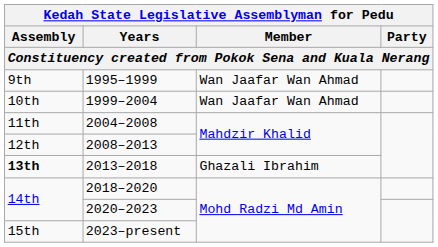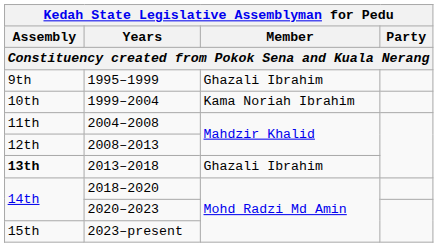 <table class="wikitable">
 <tr>
 <th colspan="4"><a href='#'>Kedah State Legislative Assemblyman</a> for Pedu</th>
 </tr>
 <tr>
 <th>Assembly</th>
 <th>Years</th>
 <th>Member</th>
 <th>Party</th>
 </tr>
 <tr>
 <th colspan="4" align="center"><em>Constituency created from Pokok Sena and Kuala Nerang</em></th>
 </tr>
 <tr>
 <td>9th</td>
 <td>1995–1999</td>
-<td>Wan Jaafar Wan Ahmad</td>
+<td>Ghazali Ibrahim</td>
 <td></td>
 </tr>
 <tr>
 <td>10th</td>
 <td>1999–2004</td>
-<td>Wan Jaafar Wan Ahmad</td>
+<td>Kama Noriah Ibrahim</td>
 <td></td>
 </tr>
 <tr>
 <td>11th</td>
 <td>2004–2008</td>
 <td rowspan="2"><a href='#'>Mahdzir Khalid</a></td>
 <td rowspan="3"></td>
 </tr>
 <tr>
 <td>12th</td>
 <td>2008–2013</td>
 </tr>
 <tr>
 <td><strong>13th</strong></td>
 <td>2013–2018</td>
 <td>Ghazali Ibrahim</td>
 </tr>
 <tr>
 <td rowspan="2"><a href='#'>14th</a></td>
 <td>2018–2020</td>
 <td rowspan="3"><a href='#'>Mohd Radzi Md Amin</a></td>
 <td></td>
 </tr>
 <tr>
 <td>2020–2023</td>
 <td rowspan="2" bgcolor=></td>
 </tr>
 <tr>
 <td>15th</td>
 <td>2023–present</td>
 </tr>
 </table>
